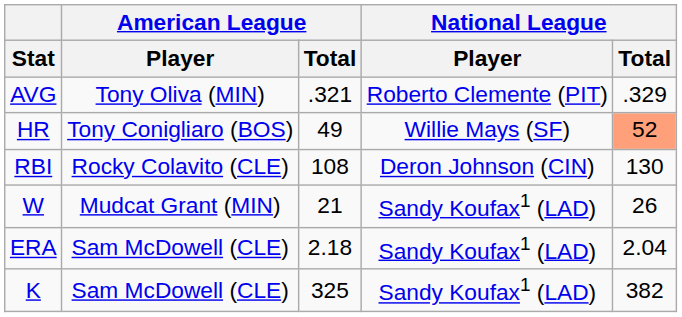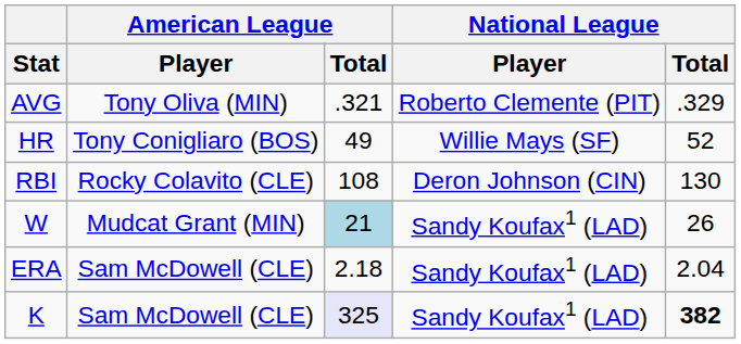 <table class="wikitable" style="text-align:center;">
 <tr>
 <th></th>
 <th colspan="2"><a href='#'>American League</a></th>
 <th colspan="2"><a href='#'>National League</a></th>
 </tr>
 <tr>
 <th>Stat</th>
 <th>Player</th>
 <th>Total</th>
 <th>Player</th>
 <th>Total</th>
 </tr>
 <tr>
 <td><a href='#'>AVG</a></td>
 <td><a href='#'>Tony Oliva</a> (<a href='#'>MIN</a>)</td>
 <td>.321</td>
 <td><a href='#'>Roberto Clemente</a> (<a href='#'>PIT</a>)</td>
 <td>.329</td>
 </tr>
 <tr>
 <td><a href='#'>HR</a></td>
 <td><a href='#'>Tony Conigliaro</a> (<a href='#'>BOS</a>)</td>
 <td>49</td>
 <td><a href='#'>Willie Mays</a> (<a href='#'>SF</a>)</td>
-<td style="background: lightsalmon;">52</td>
+<td>52</td>
 </tr>
 <tr>
 <td><a href='#'>RBI</a></td>
 <td><a href='#'>Rocky Colavito</a> (<a href='#'>CLE</a>)</td>
 <td>108</td>
 <td><a href='#'>Deron Johnson</a> (<a href='#'>CIN</a>)</td>
 <td>130</td>
 </tr>
 <tr>
 <td><a href='#'>W</a></td>
 <td><a href='#'>Mudcat Grant</a> (<a href='#'>MIN</a>)</td>
-<td>21</td>
+<td style="background: lightblue;">21</td>
 <td><a href='#'>Sandy Koufax</a><sup>1</sup> (<a href='#'>LAD</a>)</td>
 <td>26</td>
 </tr>
 <tr>
 <td><a href='#'>ERA</a></td>
 <td><a href='#'>Sam McDowell</a> (<a href='#'>CLE</a>)</td>
 <td>2.18</td>
 <td><a href='#'>Sandy Koufax</a><sup>1</sup> (<a href='#'>LAD</a>)</td>
 <td>2.04</td>
 </tr>
 <tr>
 <td><a href='#'>K</a></td>
 <td><a href='#'>Sam McDowell</a> (<a href='#'>CLE</a>)</td>
-<td>325</td>
+<td style="background: lavender;">325</td>
 <td><a href='#'>Sandy Koufax</a><sup>1</sup> (<a href='#'>LAD</a>)</td>
-<td>382</td>
+<td><strong>382</strong></td>
 </tr>
 </table>
